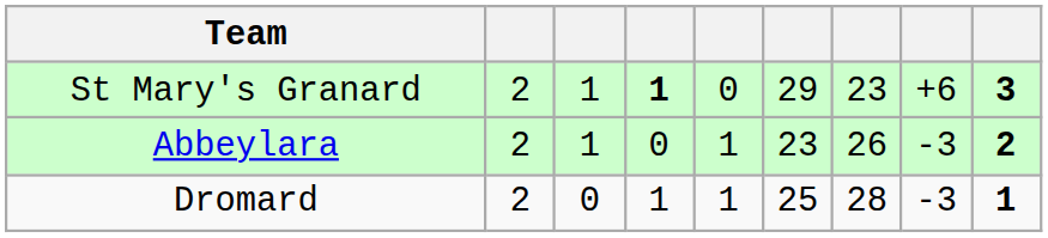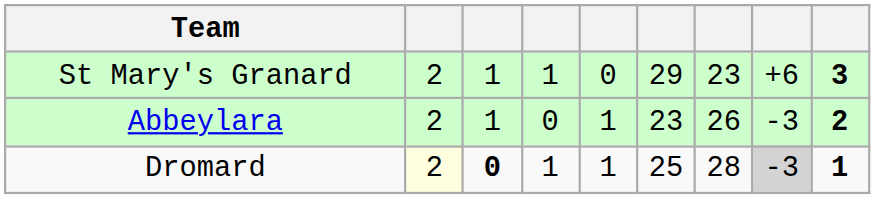 <table class="wikitable" style="text-align:center">
 <tr>
 <th style="width:175px;">Team</th>
 <th width="20"></th>
 <th width="20"></th>
 <th width="20"></th>
 <th width="20"></th>
 <th width="20"></th>
 <th width="20"></th>
 <th width="20"></th>
 <th width="20"></th>
 </tr>
 <tr style="background:#cfc;">
 <td>St Mary's Granard</td>
 <td>2</td>
 <td>1</td>
-<td><strong>1</strong></td>
+<td>1</td>
 <td>0</td>
 <td>29</td>
 <td>23</td>
 <td>+6</td>
 <td><strong>3</strong></td>
 </tr>
 <tr style="background:#cfc;">
 <td><a href='#'>Abbeylara</a></td>
 <td>2</td>
 <td>1</td>
 <td>0</td>
 <td>1</td>
 <td>23</td>
 <td>26</td>
 <td>-3</td>
 <td><strong>2</strong></td>
 </tr>
 <tr>
 <td>Dromard</td>
-<td>2</td>
-<td>0</td>
+<td style="background: lightyellow;">2</td>
+<td><strong>0</strong></td>
 <td>1</td>
 <td>1</td>
 <td>25</td>
 <td>28</td>
-<td>-3</td>
+<td style="background: lightgrey;">-3</td>
 <td><strong>1</strong></td>
 </tr>
 </table>
